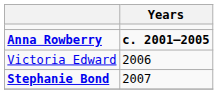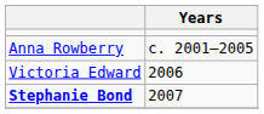 <table class="wikitable collapsible">
 <tr>
 <th></th>
 <th>Years</th>
 </tr>
 <tr>
 <td></td>
 </tr>
 <tr>
-<td><strong><a href='#'>Anna Rowberry</a></strong></td>
-<td><strong>c. 2001–2005</strong></td>
+<td><a href='#'>Anna Rowberry</a></td>
+<td>c. 2001–2005</td>
 </tr>
 <tr>
 <td><a href='#'>Victoria Edward</a></td>
 <td>2006</td>
 </tr>
 <tr>
 <td><strong><a href='#'>Stephanie Bond</a></strong></td>
 <td>2007</td>
 </tr>
 <tr>
 </tr>
 </table>
